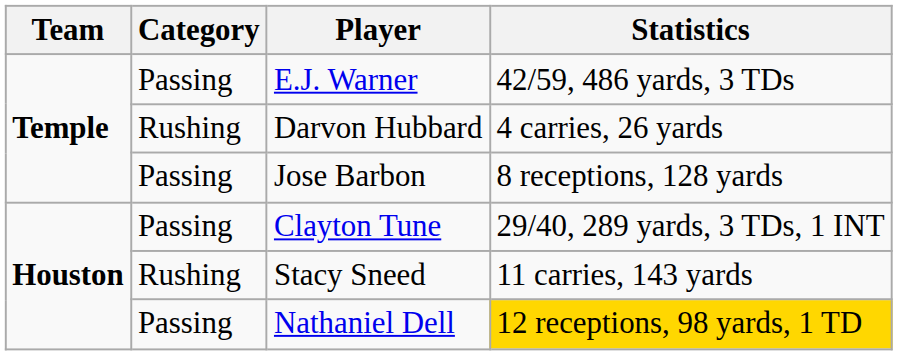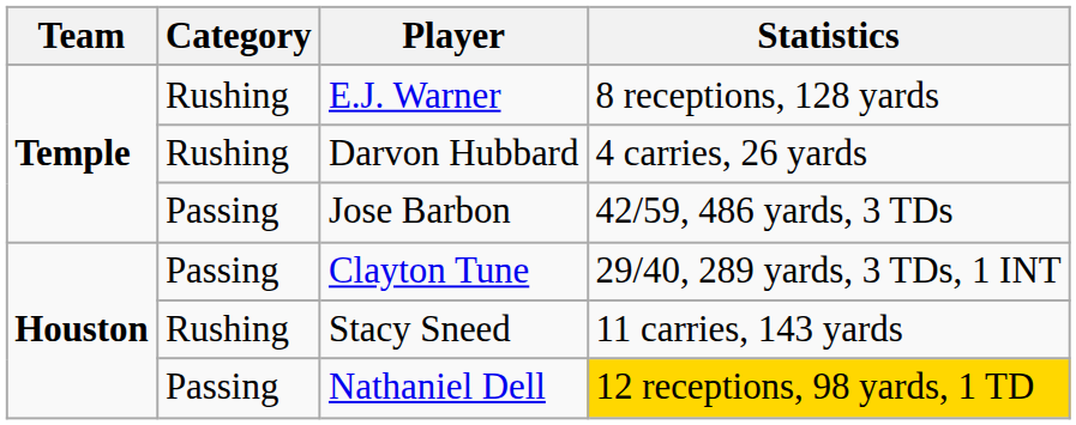 <table class="wikitable" style="float: right;">
 <tr>
 <th>Team</th>
 <th>Category</th>
 <th>Player</th>
 <th>Statistics</th>
 </tr>
 <tr>
 <td rowspan=3><strong>Temple</strong></td>
-<td>Passing</td>
+<td>Rushing</td>
 <td><a href='#'>E.J. Warner</a></td>
-<td>42/59, 486 yards, 3 TDs</td>
+<td>8 receptions, 128 yards</td>
 </tr>
 <tr>
 <td>Rushing</td>
 <td>Darvon Hubbard</td>
 <td>4 carries, 26 yards</td>
 </tr>
 <tr>
 <td>Passing</td>
 <td>Jose Barbon</td>
-<td>8 receptions, 128 yards</td>
+<td>42/59, 486 yards, 3 TDs</td>
 </tr>
 <tr>
 <td rowspan=3><strong>Houston</strong></td>
 <td>Passing</td>
 <td><a href='#'>Clayton Tune</a></td>
 <td>29/40, 289 yards, 3 TDs, 1 INT</td>
 </tr>
 <tr>
 <td>Rushing</td>
 <td>Stacy Sneed</td>
 <td>11 carries, 143 yards</td>
 </tr>
 <tr>
 <td>Passing</td>
 <td><a href='#'>Nathaniel Dell</a></td>
 <td style="background: gold;">12 receptions, 98 yards, 1 TD</td>
 </tr>
 </table>
